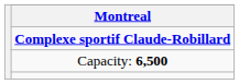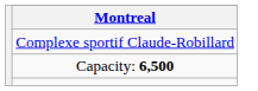 <table class="wikitable" style="text-align:center">
 <tr>
 <th rowspan="8"></th>
 </tr>
 <tr>
 <th><a href='#'>Montreal</a></th>
 </tr>
 <tr>
-<td><strong><a href='#'>Complexe sportif Claude-Robillard</a></strong></td>
+<td><a href='#'>Complexe sportif Claude-Robillard</a></td>
 </tr>
 <tr>
 <td>Capacity: <strong>6,500</strong></td>
 </tr>
 <tr>
 <td></td>
 </tr>
 </table>
